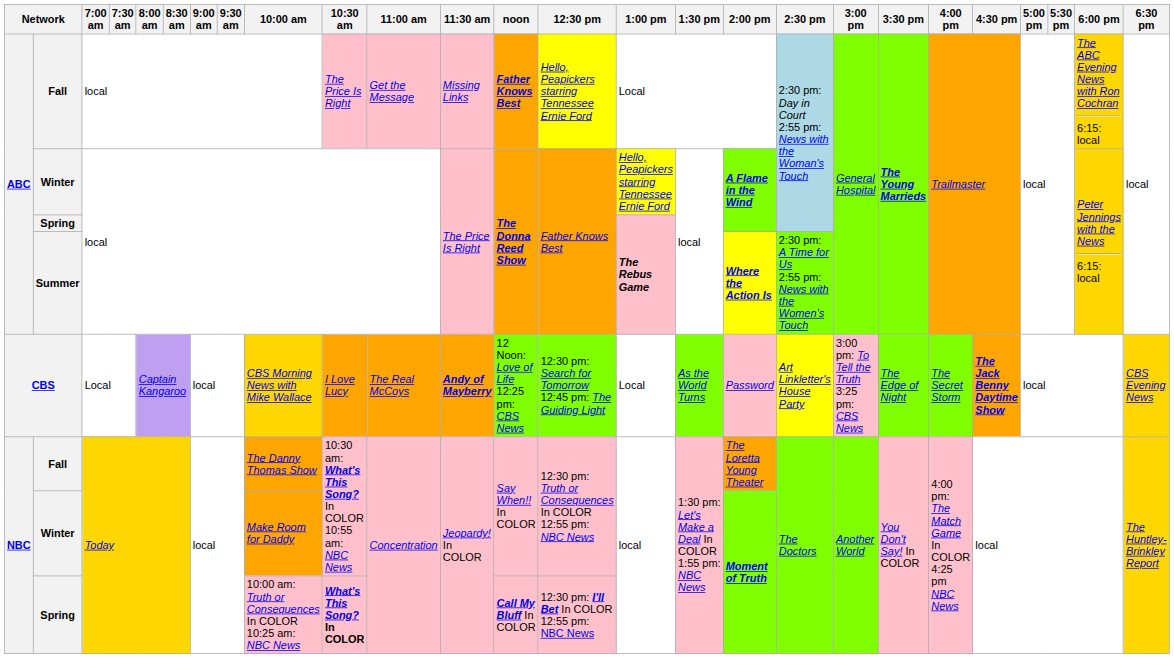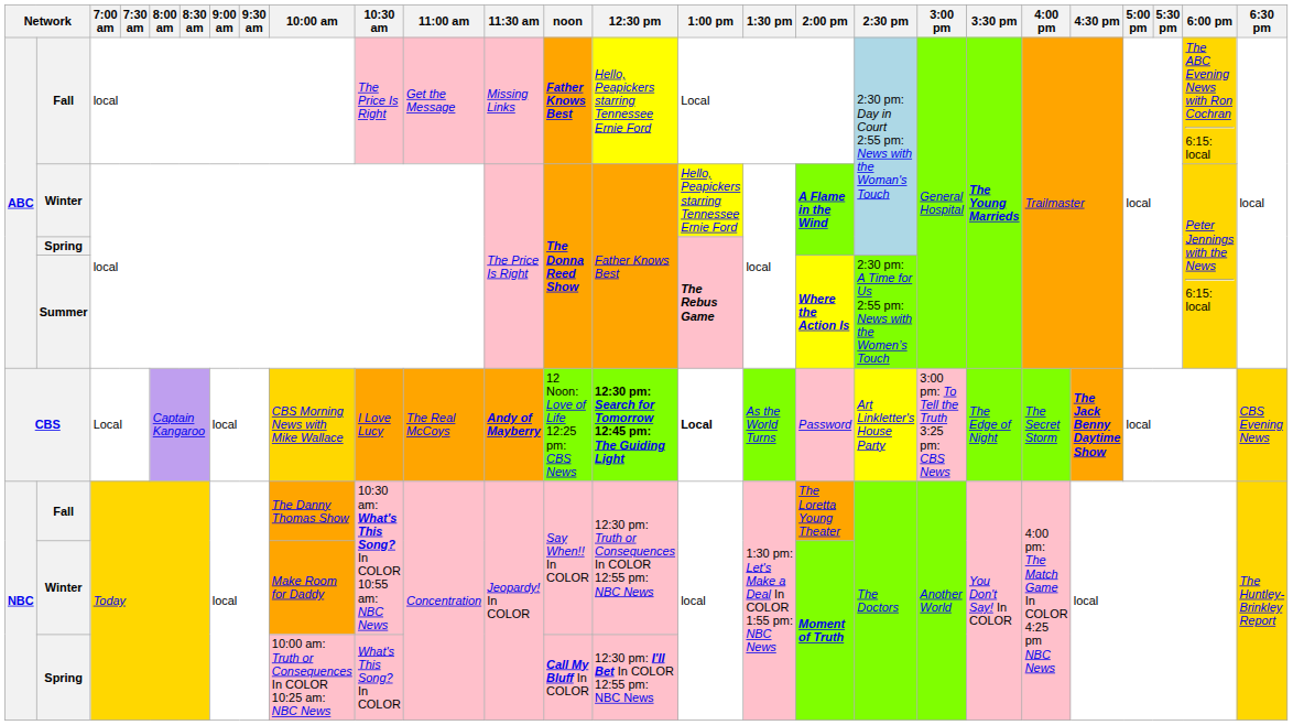 <table class=wikitable style="font-size:90%">
 <tr>
 <th width="1.5%" bgcolor="#C0C0C0" colspan="2">Network</th>
 <th width="13%" bgcolor="#C0C0C0">7:00 am</th>
 <th width="14%" bgcolor="#C0C0C0">7:30 am</th>
 <th width="13%" bgcolor="#C0C0C0">8:00 am</th>
 <th width="14%" bgcolor="#C0C0C0">8:30 am</th>
 <th width="13%" bgcolor="#C0C0C0">9:00 am</th>
 <th width="14%" bgcolor="#C0C0C0">9:30 am</th>
 <th width="13%" bgcolor="#C0C0C0">10:00 am</th>
 <th width="14%" bgcolor="#C0C0C0">10:30 am</th>
 <th width="13%" bgcolor="#C0C0C0">11:00 am</th>
 <th width="14%" bgcolor="#C0C0C0">11:30 am</th>
 <th width="13%" bgcolor="#C0C0C0">noon</th>
 <th width="14%" bgcolor="#C0C0C0">12:30 pm</th>
 <th width="13%" bgcolor="#C0C0C0">1:00 pm</th>
 <th width="14%" bgcolor="#C0C0C0">1:30 pm</th>
 <th width="13%" bgcolor="#C0C0C0">2:00 pm</th>
 <th width="14%" bgcolor="#C0C0C0">2:30 pm</th>
 <th width="13%" bgcolor="#C0C0C0">3:00 pm</th>
 <th width="14%" bgcolor="#C0C0C0">3:30 pm</th>
 <th width="13%" bgcolor="#C0C0C0">4:00 pm</th>
 <th width="14%" bgcolor="#C0C0C0">4:30 pm</th>
 <th width=13% bgcolor=#C0C0C0>5:00 pm</th>
 <th width=14% bgcolor=#C0C0C0>5:30 pm</th>
 <th width=13% bgcolor=#C0C0C0>6:00 pm</th>
 <th width=14% bgcolor=#C0C0C0>6:30 pm</th>
 </tr>
 <tr>
 <th rowspan=4 bgcolor="#C0C0C0"><a href='#'>ABC</a></th>
 <th bgcolor=#C0C0C0>Fall</th>
 <td bgcolor="white" colspan="7">local</td>
 <td bgcolor="pink"><em><a href='#'>The Price Is Right</a></em></td>
 <td bgcolor="pink"><em><a href='#'>Get the Message</a></em></td>
 <td bgcolor="pink"><em><a href='#'>Missing Links</a></em></td>
 <td bgcolor="orange"><strong><em><a href='#'>Father Knows Best</a></em> </strong></td>
 <td bgcolor="yellow"><em><a href='#'>Hello, Peapickers starring Tennessee Ernie Ford</a></em></td>
 <td bgcolor="white" colspan="3">Local</td>
 <td bgcolor="lightblue" rowspan=3>2:30 pm: <em>Day in Court</em><br>2:55 pm: <em><a href='#'>News with the Woman's Touch</a></em></td>
 <td bgcolor="chartreuse" rowspan=4><em><a href='#'>General Hospital</a></em></td>
 <td bgcolor="chartreuse" rowspan=4><strong><em><a href='#'>The Young Marrieds</a></em></strong></td>
 <td bgcolor="orange" colspan="2" rowspan=4><em><a href='#'>Trailmaster</a></em> </td>
 <td bgcolor=white colspan=2 rowspan=4>local</td>
 <td bgcolor=gold rowspan=1><em><a href='#'>The ABC Evening News with Ron Cochran</a></em><hr>6:15: local</td>
 <td bgcolor=white rowspan=4>local</td>
 </tr>
 <tr>
 <th bgcolor=#C0C0C0>Winter</th>
 <td bgcolor=white rowspan=3 colspan=9>local</td>
 <td bgcolor=pink rowspan=3><em><a href='#'>The Price Is Right</a></em></td>
 <td bgcolor=orange rowspan=3><strong><em><a href='#'>The Donna Reed Show</a></em></strong> </td>
 <td bgcolor=orange rowspan=3><em><a href='#'>Father Knows Best</a></em> </td>
 <td bgcolor=yellow><em><a href='#'>Hello, Peapickers starring Tennessee Ernie Ford</a></em></td>
 <td bgcolor=white rowspan=3>local</td>
 <td bgcolor=chartreuse rowspan=2><strong><em><a href='#'>A Flame in the Wind</a></em></strong></td>
 <td bgcolor=gold rowspan=3><em><a href='#'>Peter Jennings with the News</a></em><hr>6:15: local</td>
 </tr>
 <tr>
 <th bgcolor=#C0C0C0>Spring</th>
 <td bgcolor=pink rowspan=2><strong><em>The Rebus Game</em></strong></td>
 </tr>
 <tr>
 <th bgcolor=#C0C0C0>Summer</th>
 <td bgcolor=yellow><strong><em><a href='#'>Where the Action Is</a></em></strong></td>
 <td bgcolor=chartreuse>2:30 pm: <em><a href='#'>A Time for Us</a></em><br>2:55 pm: <em><a href='#'>News with the Women’s Touch</a></em></td>
 </tr>
 <tr>
 <th bgcolor="#C0C0C0" colspan=2><a href='#'>CBS</a></th>
 <td bgcolor="white" colspan="2">Local</td>
 <td bgcolor="bf9fef" colspan="2"><em><a href='#'>Captain Kangaroo</a></em></td>
 <td bgcolor="white" colspan="2">local</td>
 <td bgcolor="gold"><em><a href='#'>CBS Morning News with Mike Wallace</a></em></td>
 <td bgcolor="orange"><em><a href='#'>I Love Lucy</a></em> </td>
 <td bgcolor="orange"><em><a href='#'>The Real McCoys</a></em> </td>
 <td bgcolor="orange"><strong><em><a href='#'>Andy of Mayberry</a></em></strong> </td>
 <td bgcolor="chartreuse">12 Noon: <em><a href='#'>Love of Life</a></em><br>12:25 pm: <em><a href='#'>CBS News</a></em></td>
-<td bgcolor="chartreuse">12:30 pm: <em><a href='#'>Search for Tomorrow</a></em><br>12:45 pm: <em><a href='#'>The Guiding Light</a></em></td>
-<td bgcolor="white">Local</td>
+<td bgcolor="chartreuse"><strong>12:30 pm: <em><a href='#'>Search for Tomorrow</a></em><br>12:45 pm: <em><a href='#'>The Guiding Light</a></em></strong></td>
+<td bgcolor="white"><strong>Local</strong></td>
 <td bgcolor="chartreuse"><em><a href='#'>As the World Turns</a></em></td>
 <td bgcolor="pink"><em><a href='#'>Password</a></em></td>
 <td bgcolor="yellow"><em><a href='#'>Art Linkletter's House Party</a></em></td>
 <td bgcolor="pink">3:00 pm: <em><a href='#'>To Tell the Truth</a></em><br>3:25 pm: <em><a href='#'>CBS News</a></em></td>
 <td bgcolor="chartreuse"><em><a href='#'>The Edge of Night</a></em></td>
 <td bgcolor="chartreuse"><em><a href='#'>The Secret Storm</a></em></td>
 <td bgcolor="orange"><strong><em><a href='#'>The Jack Benny Daytime Show</a></em></strong> </td>
 <td bgcolor=white colspan=3>local</td>
 <td bgcolor=gold><em><a href='#'>CBS Evening News</a></em></td>
 </tr>
 <tr>
 <th bgcolor="#C0C0C0" rowspan=3><a href='#'>NBC</a></th>
 <th bgcolor=#C0C0C0>Fall</th>
 <td bgcolor="gold" rowspan=3 colspan="4"><em><a href='#'>Today</a></em></td>
 <td bgcolor="white" colspan="2" rowspan=3>local</td>
 <td bgcolor="orange"><em><a href='#'>The Danny Thomas Show</a></em> </td>
 <td bgcolor="pink"rowspan=2>10:30 am: <strong><em><a href='#'>What's This Song?</a></em></strong> In <span>C</span><span>O</span><span>L</span><span>O</span><span>R</span><br>10:55 am: <em><a href='#'>NBC News</a></em></td>
 <td bgcolor="pink" rowspan=3><em><a href='#'>Concentration</a></em></td>
 <td bgcolor="pink" rowspan=3><em><a href='#'>Jeopardy!</a></em> In <span>C</span><span>O</span><span>L</span><span>O</span><span>R</span></td>
 <td bgcolor="pink" rowspan=2><em><a href='#'>Say When!!</a></em> In <span>C</span><span>O</span><span>L</span><span>O</span><span>R</span></td>
 <td bgcolor="pink" rowspan=2>12:30 pm: <em><a href='#'>Truth or Consequences</a></em> In <span>C</span><span>O</span><span>L</span><span>O</span><span>R</span><br>12:55 pm: <em><a href='#'>NBC News</a></em></td>
 <td bgcolor="white" rowspan=3>local</td>
 <td bgcolor="pink" rowspan=3>1:30 pm: <em><a href='#'>Let's Make a Deal</a></em> In <span>C</span><span>O</span><span>L</span><span>O</span><span>R</span><br>1:55 pm: <em><a href='#'>NBC News</a></em></td>
 <td bgcolor="orange"><em><a href='#'>The Loretta Young Theater</a></em> </td>
 <td bgcolor="chartreuse" rowspan=3><em><a href='#'>The Doctors</a></em></td>
 <td bgcolor="chartreuse" rowspan=3><em><a href='#'>Another World</a></em></td>
 <td bgcolor="pink" rowspan=3><em><a href='#'>You Don't Say!</a></em> In <span>C</span><span>O</span><span>L</span><span>O</span><span>R</span></td>
 <td bgcolor="pink" rowspan=3>4:00 pm: <em><a href='#'>The Match Game</a></em> In <span>C</span><span>O</span><span>L</span><span>O</span><span>R</span><br>4:25 pm <em><a href='#'>NBC News</a></em></td>
 <td bgcolor="white"rowspan=3 colspan=4>local</td>
 <td bgcolor=gold rowspan=3><em><a href='#'>The Huntley-Brinkley Report</a></em></td>
 </tr>
 <tr>
 <th bgcolor=#C0C0C0>Winter</th>
 <td bgcolor=orange><em><a href='#'>Make Room for Daddy</a></em> </td>
 <td bgcolor=chartreuse rowspan=2><strong><em><a href='#'>Moment of Truth</a></em></strong></td>
 </tr>
 <tr>
 <th bgcolor=#C0C0C0>Spring</th>
 <td bgcolor=pink>10:00 am: <em><a href='#'>Truth or Consequences</a></em> In <span>C</span><span>O</span><span>L</span><span>O</span><span>R</span><br>10:25 am: <em><a href='#'>NBC News</a></em></td>
-<td bgcolor=pink><strong><em><a href='#'>What's This Song?</a></em> In <span>C</span><span>O</span><span>L</span><span>O</span><span>R</span></strong></td>
+<td bgcolor=pink><em><a href='#'>What's This Song?</a></em> In <span>C</span><span>O</span><span>L</span><span>O</span><span>R</span></td>
 <td bgcolor=pink><strong><em><a href='#'>Call My Bluff</a></em></strong> In <span>C</span><span>O</span><span>L</span><span>O</span><span>R</span></td>
 <td bgcolor=pink>12:30 pm: <strong><em><a href='#'>I'll Bet</a></em></strong> In <span>C</span><span>O</span><span>L</span><span>O</span><span>R</span><br>12:55 pm: <a href='#'>NBC News</a></td>
 </tr>
 </table>
